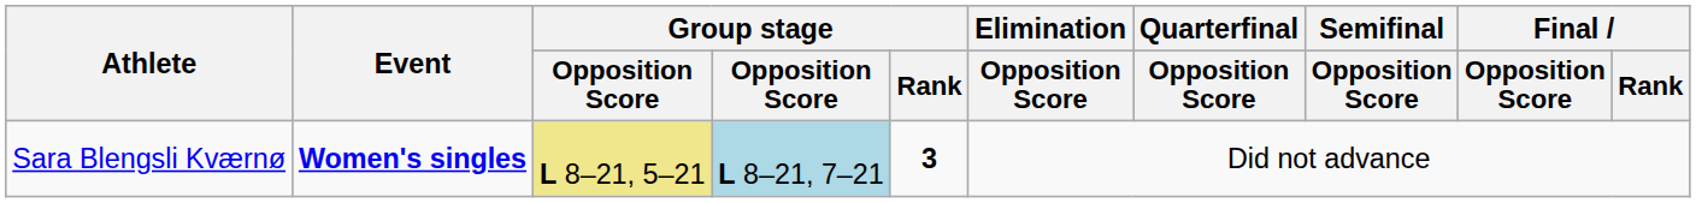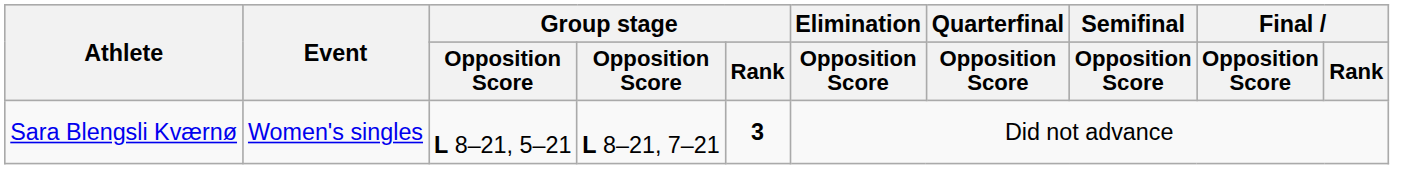 <table class="wikitable" style="font-size:90%">
 <tr>
 <th rowspan=2>Athlete</th>
 <th rowspan=2>Event</th>
 <th colspan=3>Group stage</th>
 <th>Elimination</th>
 <th>Quarterfinal</th>
 <th>Semifinal</th>
 <th colspan=2>Final / </th>
 </tr>
 <tr style="font-size:95%">
 <th>Opposition<br>Score</th>
 <th>Opposition<br>Score</th>
 <th>Rank</th>
 <th>Opposition<br>Score</th>
 <th>Opposition<br>Score</th>
 <th>Opposition<br>Score</th>
 <th>Opposition<br>Score</th>
 <th>Rank</th>
 </tr>
 <tr align=center>
 <td align=left><a href='#'>Sara Blengsli Kværnø</a></td>
-<td align=left><strong><a href='#'>Women's singles</a></strong></td>
-<td style="background: khaki;"><br> <strong>L</strong> 8–21, 5–21</td>
-<td style="background: lightblue;"><br> <strong>L</strong> 8–21, 7–21</td>
+<td align=left><a href='#'>Women's singles</a></td>
+<td><br> <strong>L</strong> 8–21, 5–21</td>
+<td><br> <strong>L</strong> 8–21, 7–21</td>
 <td><strong>3</strong></td>
 <td colspan=5>Did not advance</td>
 </tr>
 </table>
